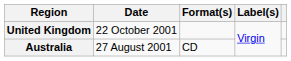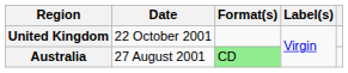 <table class="wikitable plainrowheaders">
 <tr>
 <th scope="col">Region</th>
 <th scope="col">Date</th>
 <th scope="col">Format(s)</th>
 <th scope="col">Label(s)</th>
 <th scope="col"></th>
 </tr>
 <tr>
 <th scope="row">United Kingdom</th>
 <td>22 October 2001</td>
 <td></td>
 <td rowspan="2"><a href='#'>Virgin</a></td>
 <td></td>
 </tr>
 <tr>
 <th scope="row">Australia</th>
 <td>27 August 2001</td>
-<td>CD</td>
+<td style="background: lightgreen;">CD</td>
 <td></td>
 </tr>
 </table>
